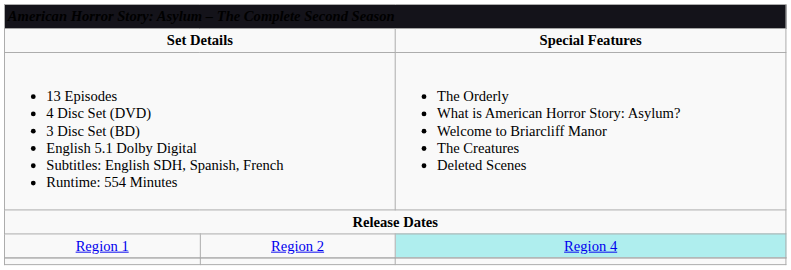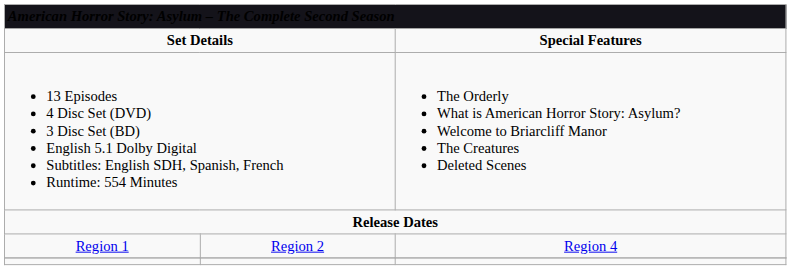 <table class="wikitable" style="font-size: 95%;">
 <tr style="background:#14131A;">
 <td colspan="3"><span> <strong><em>American Horror Story: Asylum – The Complete Second Season</em></strong></span></td>
 </tr>
 <tr style="vertical-align:top; text-align:center;">
 <td style="width:400px;" colspan="2"><strong>Set Details</strong></td>
 <td style="width:400px; " colspan="2"><strong>Special Features</strong></td>
 </tr>
 <tr valign="top">
 <td colspan="2"  style="text-align:left; width:400px;"><br><ul><li>13 Episodes</li><li>4 Disc Set (DVD)</li><li>3 Disc Set (BD)</li><li>English 5.1 Dolby Digital</li><li>Subtitles: English SDH, Spanish, French</li><li>Runtime: 554 Minutes</li></ul></td>
 <td colspan="3"  style="text-align:left; width:400px;"><br><ul><li>The Orderly</li><li>What is American Horror Story: Asylum?</li><li>Welcome to Briarcliff Manor</li><li>The Creatures</li><li>Deleted Scenes</li></ul></td>
 </tr>
 <tr>
 <td colspan="3" style="text-align:center;"><strong>Release Dates</strong></td>
 </tr>
 <tr>
 <td style="text-align:center;"><a href='#'>Region 1</a></td>
 <td style="text-align:center;"><a href='#'>Region 2</a></td>
-<td style="background: paleturquoise; text-align:center;"><a href='#'>Region 4</a></td>
+<td style="text-align:center;"><a href='#'>Region 4</a></td>
 </tr>
 <tr style="text-align:center;">
 </tr>
 <tr style="text-align:center;">
 </tr>
 <tr>
 <td colspan="1"></td>
 <td colspan="1"></td>
 <td colspan="1"></td>
 </tr>
 </table>
